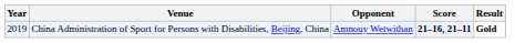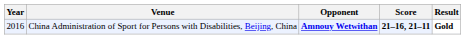 <table class="sortable wikitable" style="font-size: 90%;">
 <tr>
 <th>Year</th>
 <th>Venue</th>
 <th>Opponent</th>
 <th>Score</th>
 <th>Result</th>
 </tr>
 <tr style="background:#ECF2FF">
-<td align="center">2019</td>
+<td align="center">2016</td>
 <td align="left">China Administration of Sport for Persons with Disabilities, <a href='#'>Beijing</a>, China</td>
-<td align="left"> <a href='#'>Amnouy Wetwithan</a></td>
+<td align="left"><strong> <a href='#'>Amnouy Wetwithan</a></strong></td>
 <td align="left"><strong>21–16, 21–11</strong></td>
 <td style="text-align:left; background:white"> <strong>Gold</strong></td>
 </tr>
 </table>
